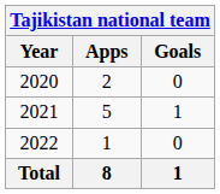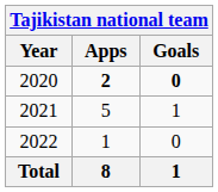 <table class="wikitable" style="text-align:center">
 <tr>
 <th colspan=3><a href='#'>Tajikistan national team</a></th>
 </tr>
 <tr>
 <th>Year</th>
 <th>Apps</th>
 <th>Goals</th>
 </tr>
 <tr>
 <td>2020</td>
-<td>2</td>
-<td>0</td>
+<td><strong>2</strong></td>
+<td><strong>0</strong></td>
 </tr>
 <tr>
 <td>2021</td>
 <td>5</td>
 <td>1</td>
 </tr>
 <tr>
 <td>2022</td>
 <td>1</td>
 <td>0</td>
 </tr>
 <tr>
 <th>Total</th>
 <th>8</th>
 <th>1</th>
 </tr>
 </table>
